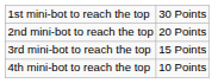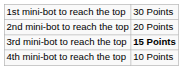 <table class="wikitable">
 <tr>
 <td>1st mini-bot to reach the top</td>
 <td>30 Points</td>
 </tr>
 <tr>
 <td>2nd mini-bot to reach the top</td>
 <td>20 Points</td>
 </tr>
 <tr>
 <td>3rd mini-bot to reach the top</td>
-<td>15 Points</td>
+<td><strong>15 Points</strong></td>
 </tr>
 <tr>
 <td>4th mini-bot to reach the top</td>
 <td>10 Points</td>
 </tr>
 </table>
